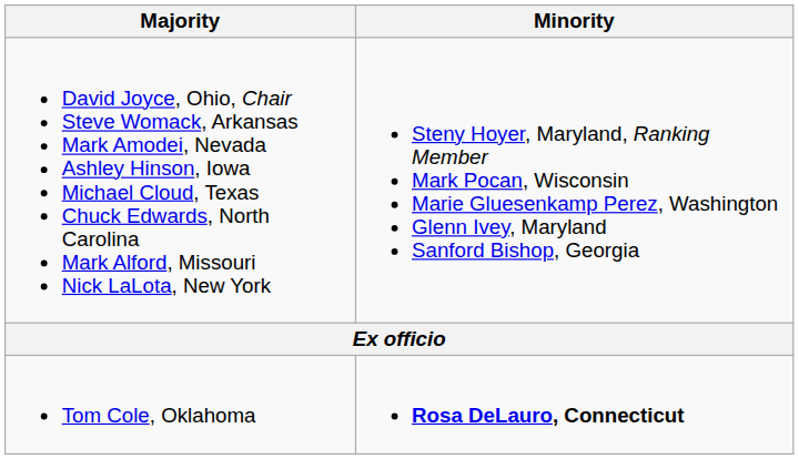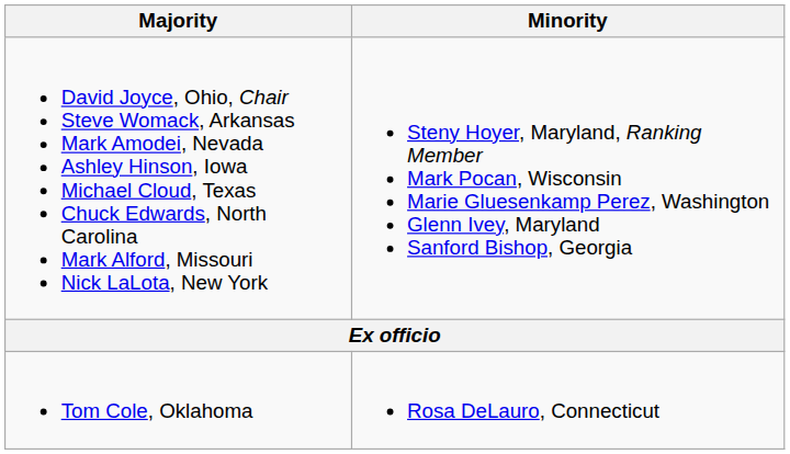 <table class=wikitable>
 <tr>
 <th>Majority</th>
 <th>Minority</th>
 </tr>
 <tr>
 <td><br><ul><li><a href='#'>David Joyce</a>, Ohio, <em>Chair</em></li><li><a href='#'>Steve Womack</a>, Arkansas</li><li><a href='#'>Mark Amodei</a>, Nevada</li><li><a href='#'>Ashley Hinson</a>, Iowa</li><li><a href='#'>Michael Cloud</a>, Texas</li><li><a href='#'>Chuck Edwards</a>, North Carolina</li><li><a href='#'>Mark Alford</a>, Missouri</li><li><a href='#'>Nick LaLota</a>, New York</li></ul></td>
 <td><br><ul><li><a href='#'>Steny Hoyer</a>, Maryland, <em>Ranking Member</em></li><li><a href='#'>Mark Pocan</a>, Wisconsin</li><li><a href='#'>Marie Gluesenkamp Perez</a>, Washington</li><li><a href='#'>Glenn Ivey</a>, Maryland</li><li><a href='#'>Sanford Bishop</a>, Georgia</li></ul></td>
 </tr>
 <tr>
 <th colspan=2><em>Ex officio</em></th>
 </tr>
 <tr>
 <td><br><ul><li><a href='#'>Tom Cole</a>, Oklahoma</li></ul></td>
-<td><strong><br><ul><li><a href='#'>Rosa DeLauro</a>, Connecticut</li></ul></strong></td>
+<td><br><ul><li><a href='#'>Rosa DeLauro</a>, Connecticut</li></ul></td>
 </tr>
 </table>
